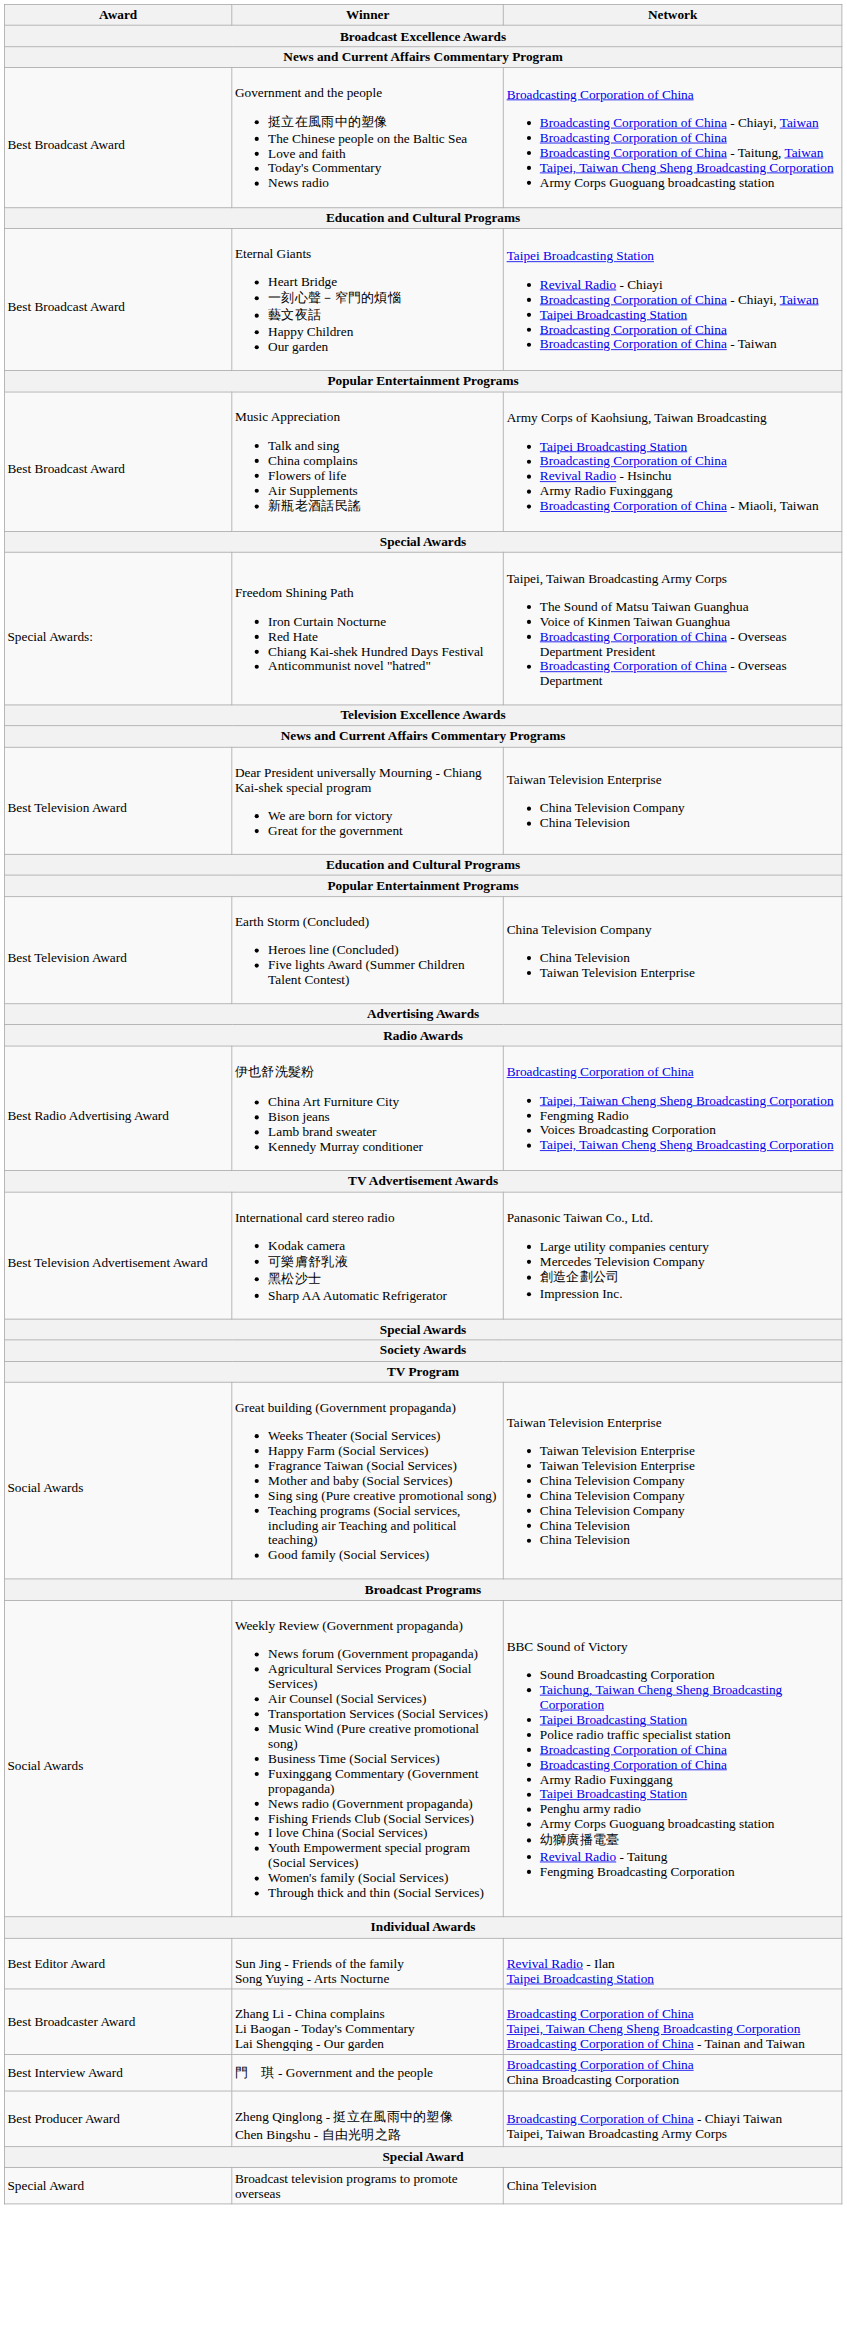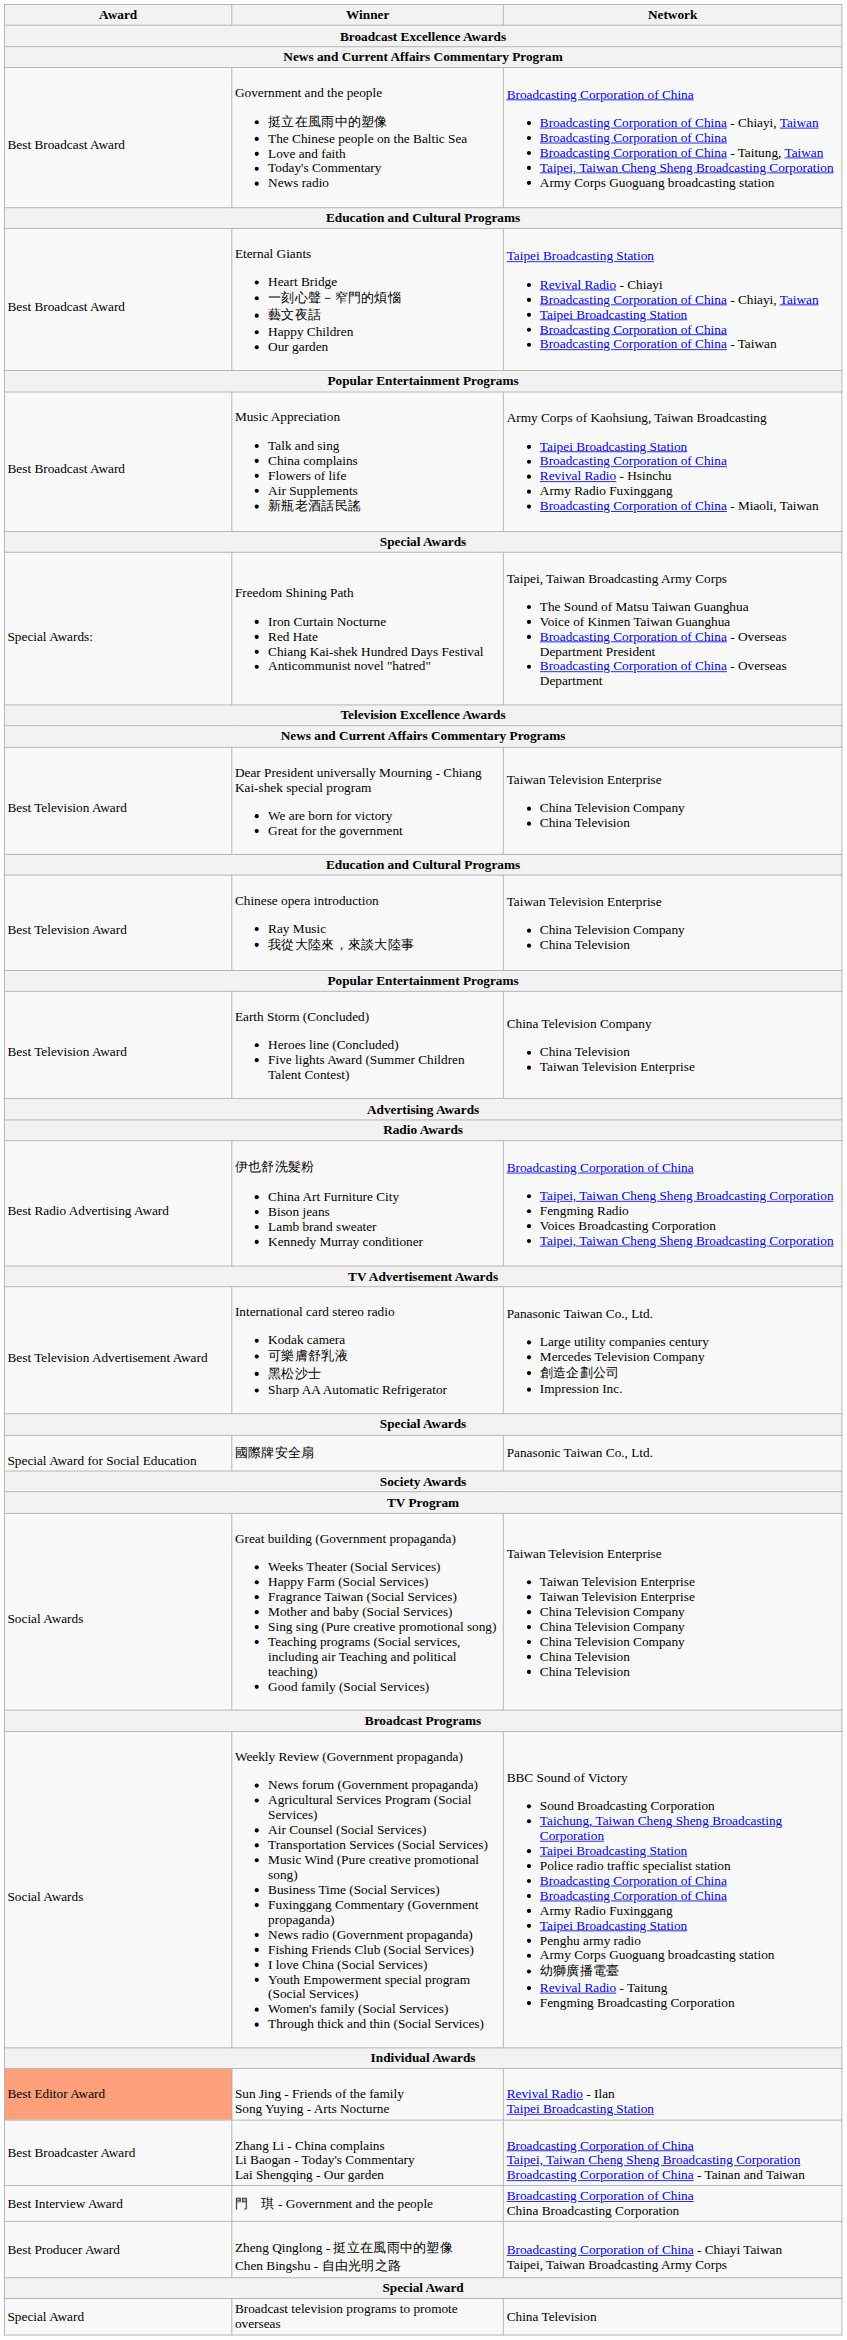 <table class="wikitable">
 <tr>
 <th style="width:200pt;">Award</th>
 <th style="width:240pt;">Winner</th>
 <th style="width:300pt;">Network</th>
 </tr>
 <tr>
 <th colspan=3 style="text-align:center" style="background:#99CCFF;">Broadcast Excellence Awards</th>
 </tr>
 <tr>
 <th colspan=3 style="text-align:center" style="background: LightSteelBlue;">News and Current Affairs Commentary Program</th>
 </tr>
 <tr>
 <td><br>Best Broadcast Award</td>
 <td><br>Government and the people<ul><li>挺立在風雨中的塑像</li><li>The Chinese people on the Baltic Sea</li><li>Love and faith</li><li>Today's Commentary</li><li>News radio</li></ul></td>
 <td><br><a href='#'>Broadcasting Corporation of China</a><ul><li><a href='#'>Broadcasting Corporation of China</a> - Chiayi, <a href='#'>Taiwan</a></li><li><a href='#'>Broadcasting Corporation of China</a></li><li><a href='#'>Broadcasting Corporation of China</a> - Taitung, <a href='#'>Taiwan</a></li><li><a href='#'>Taipei, Taiwan Cheng Sheng Broadcasting Corporation</a></li><li>Army Corps Guoguang broadcasting station</li></ul></td>
 </tr>
 <tr>
 <th colspan=3 style="text-align:center" style="background: LightSteelBlue;">Education and Cultural Programs</th>
 </tr>
 <tr>
 <td><br>Best Broadcast Award</td>
 <td><br>Eternal Giants<ul><li>Heart Bridge</li><li>一刻心聲－窄門的煩惱</li><li>藝文夜話</li><li>Happy Children</li><li>Our garden</li></ul></td>
 <td><br><a href='#'>Taipei Broadcasting Station</a><ul><li><a href='#'>Revival Radio</a> - Chiayi</li><li><a href='#'>Broadcasting Corporation of China</a> - Chiayi, <a href='#'>Taiwan</a></li><li><a href='#'>Taipei Broadcasting Station</a></li><li><a href='#'>Broadcasting Corporation of China</a></li><li><a href='#'>Broadcasting Corporation of China</a> - Taiwan</li></ul></td>
 </tr>
 <tr>
 <th colspan=3 style="text-align:center" style="background: LightSteelBlue;">Popular Entertainment Programs</th>
 </tr>
 <tr>
 <td><br>Best Broadcast Award</td>
 <td><br>Music Appreciation<ul><li>Talk and sing</li><li>China complains</li><li>Flowers of life</li><li>Air Supplements</li><li>新瓶老酒話民謠</li></ul></td>
 <td><br>Army Corps of Kaohsiung, Taiwan Broadcasting<ul><li><a href='#'>Taipei Broadcasting Station</a></li><li><a href='#'>Broadcasting Corporation of China</a></li><li><a href='#'>Revival Radio</a> - Hsinchu</li><li>Army Radio Fuxinggang</li><li><a href='#'>Broadcasting Corporation of China</a> - Miaoli, Taiwan</li></ul></td>
 </tr>
 <tr>
 <th colspan=3 style="text-align:center" style="background: LightSteelBlue;">Special Awards</th>
 </tr>
 <tr>
 <td><br>Special Awards:</td>
 <td><br>Freedom Shining Path<ul><li>Iron Curtain Nocturne</li><li>Red Hate</li><li>Chiang Kai-shek Hundred Days Festival</li><li>Anticommunist novel "hatred"</li></ul></td>
 <td><br>Taipei, Taiwan Broadcasting Army Corps<ul><li>The Sound of Matsu Taiwan Guanghua</li><li>Voice of Kinmen Taiwan Guanghua</li><li><a href='#'>Broadcasting Corporation of China</a> - Overseas Department President</li><li><a href='#'>Broadcasting Corporation of China</a> - Overseas Department</li></ul></td>
 </tr>
 <tr>
 <th colspan=3 style="text-align:center" style="background:#99CCFF;">Television Excellence Awards</th>
 </tr>
 <tr>
 <th colspan=3 style="text-align:center" style="background: LightSteelBlue;">News and Current Affairs Commentary Programs</th>
 </tr>
 <tr>
 <td><br>Best Television Award</td>
 <td><br>Dear President universally Mourning - Chiang Kai-shek special program<ul><li>We are born for victory</li><li>Great for the government</li></ul></td>
 <td><br>Taiwan Television Enterprise<ul><li>China Television Company</li><li>China Television</li></ul></td>
 </tr>
 <tr>
 <th colspan=3 style="text-align:center" style="background: LightSteelBlue;">Education and Cultural Programs</th>
 </tr>
 <tr>
+<td><br>Best Television Award</td>
+<td><br>Chinese opera introduction<ul><li>Ray Music</li><li>我從大陸來，來談大陸事</li></ul></td>
+<td><br>Taiwan Television Enterprise<ul><li>China Television Company</li><li>China Television</li></ul></td>
+</tr>
+<tr>
 <th colspan=3 style="text-align:center" style="background: LightSteelBlue;">Popular Entertainment Programs</th>
 </tr>
 <tr>
 <td><br>Best Television Award</td>
 <td><br>Earth Storm (Concluded)<ul><li>Heroes line (Concluded)</li><li>Five lights Award (Summer Children Talent Contest)</li></ul></td>
 <td><br>China Television Company<ul><li>China Television</li><li>Taiwan Television Enterprise</li></ul></td>
 </tr>
 <tr>
 <th colspan=3 style="text-align:center" style="background:#99CCFF;">Advertising Awards</th>
 </tr>
 <tr>
 <th colspan=3 style="text-align:center" style="background: LightSteelBlue;">Radio Awards</th>
 </tr>
 <tr>
 <td><br>Best Radio Advertising Award</td>
 <td><br>伊也舒洗髮粉<ul><li>China Art Furniture City</li><li>Bison jeans</li><li>Lamb brand sweater</li><li>Kennedy Murray conditioner</li></ul></td>
 <td><br><a href='#'>Broadcasting Corporation of China</a><ul><li><a href='#'>Taipei, Taiwan Cheng Sheng Broadcasting Corporation</a></li><li>Fengming Radio</li><li>Voices Broadcasting Corporation</li><li><a href='#'>Taipei, Taiwan Cheng Sheng Broadcasting Corporation</a></li></ul></td>
 </tr>
 <tr>
 <th colspan=3 style="text-align:center" style="background: LightSteelBlue;">TV Advertisement Awards</th>
 </tr>
 <tr>
 <td><br>Best Television Advertisement Award</td>
 <td><br>International card stereo radio<ul><li>Kodak camera</li><li>可樂膚舒乳液</li><li>黑松沙士</li><li>Sharp AA Automatic Refrigerator</li></ul></td>
 <td><br>Panasonic Taiwan Co., Ltd.<ul><li>Large utility companies century</li><li>Mercedes Television Company</li><li>創造企劃公司</li><li>Impression Inc.</li></ul></td>
 </tr>
 <tr>
 <th colspan=3 style="text-align:center" style="background: LightSteelBlue;">Special Awards</th>
 </tr>
 <tr>
+<td><br>Special Award for Social Education</td>
+<td>國際牌安全扇</td>
+<td>Panasonic Taiwan Co., Ltd.</td>
+</tr>
+<tr>
 <th colspan=3 style="text-align:center" style="background:#99CCFF;">Society Awards</th>
 </tr>
 <tr>
 <th colspan=3 style="text-align:center" style="background: LightSteelBlue;">TV Program</th>
 </tr>
 <tr>
 <td><br>Social Awards</td>
 <td><br>Great building (Government propaganda)<ul><li>Weeks Theater (Social Services)</li><li>Happy Farm (Social Services)</li><li>Fragrance Taiwan (Social Services)</li><li>Mother and baby (Social Services)</li><li>Sing sing (Pure creative promotional song)</li><li>Teaching programs (Social services, including air Teaching and political teaching)</li><li>Good family (Social Services)</li></ul></td>
 <td><br>Taiwan Television Enterprise<ul><li>Taiwan Television Enterprise</li><li>Taiwan Television Enterprise</li><li>China Television Company</li><li>China Television Company</li><li>China Television Company</li><li>China Television</li><li>China Television</li></ul></td>
 </tr>
 <tr>
 <th colspan=3 style="text-align:center" style="background: LightSteelBlue;">Broadcast Programs</th>
 </tr>
 <tr>
 <td><br>Social Awards</td>
 <td><br>Weekly Review (Government propaganda)<ul><li>News forum (Government propaganda)</li><li>Agricultural Services Program (Social Services)</li><li>Air Counsel (Social Services)</li><li>Transportation Services (Social Services)</li><li>Music Wind (Pure creative promotional song)</li><li>Business Time (Social Services)</li><li>Fuxinggang Commentary (Government propaganda)</li><li>News radio (Government propaganda)</li><li>Fishing Friends Club (Social Services)</li><li>I love China (Social Services)</li><li>Youth Empowerment special program (Social Services)</li><li>Women's family (Social Services)</li><li>Through thick and thin (Social Services)</li></ul></td>
 <td><br>BBC Sound of Victory<ul><li>Sound Broadcasting Corporation</li><li><a href='#'>Taichung, Taiwan Cheng Sheng Broadcasting Corporation</a></li><li><a href='#'>Taipei Broadcasting Station</a></li><li>Police radio traffic specialist station</li><li><a href='#'>Broadcasting Corporation of China</a></li><li><a href='#'>Broadcasting Corporation of China</a></li><li>Army Radio Fuxinggang</li><li><a href='#'>Taipei Broadcasting Station</a></li><li>Penghu army radio</li><li>Army Corps Guoguang broadcasting station</li><li>幼獅廣播電臺</li><li><a href='#'>Revival Radio</a> - Taitung</li><li>Fengming Broadcasting Corporation</li></ul></td>
 </tr>
 <tr>
 <th colspan=3 style="text-align:center" style="background:#99CCFF;">Individual Awards</th>
 </tr>
 <tr>
-<td>Best Editor Award</td>
+<td style="background: lightsalmon;">Best Editor Award</td>
 <td><br>Sun Jing - Friends of the family <br>Song Yuying - Arts Nocturne</td>
 <td><br><a href='#'>Revival Radio</a> - Ilan  <br><a href='#'>Taipei Broadcasting Station</a></td>
 </tr>
 <tr>
 <td>Best Broadcaster Award</td>
 <td><br>Zhang Li - China complains <br>Li Baogan - Today's Commentary <br>Lai Shengqing - Our garden</td>
 <td><br><a href='#'>Broadcasting Corporation of China</a> <br><a href='#'>Taipei, Taiwan Cheng Sheng Broadcasting Corporation</a> <br><a href='#'>Broadcasting Corporation of China</a> - Tainan and Taiwan</td>
 </tr>
 <tr>
 <td>Best Interview Award</td>
 <td>門　琪 - Government and the people</td>
 <td><a href='#'>Broadcasting Corporation of China</a><br>China Broadcasting Corporation</td>
 </tr>
 <tr>
 <td>Best Producer Award</td>
 <td><br>Zheng Qinglong - 挺立在風雨中的塑像 <br>Chen Bingshu - 自由光明之路</td>
 <td><br><a href='#'>Broadcasting Corporation of China</a> - Chiayi Taiwan <br>Taipei, Taiwan Broadcasting Army Corps</td>
 </tr>
 <tr>
 <th colspan=3 style="text-align:center" style="background:#99CCFF;">Special Award</th>
 </tr>
 <tr>
 <td>Special Award</td>
 <td>Broadcast television programs to promote overseas</td>
 <td>China Television</td>
 </tr>
 </table>
